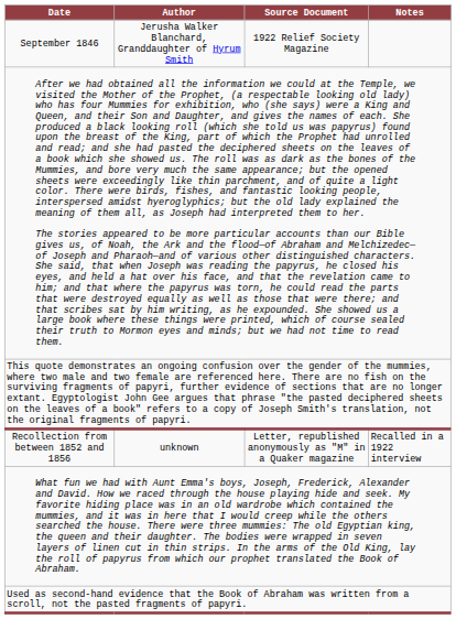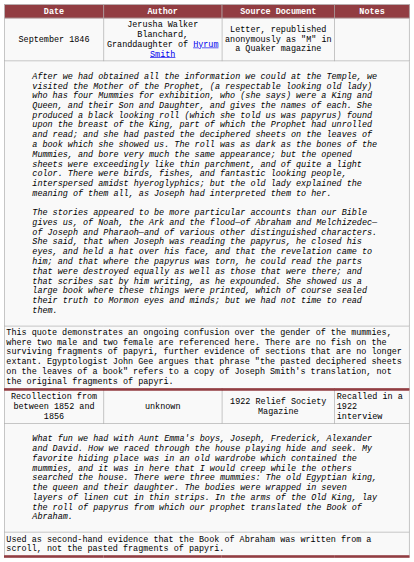 <table class="wikitable plainrowheaders" style="width:100%;">
 <tr>
 <th style="background: #923D42; color:white">Date</th>
 <th style="background: #923D42; color:white">Author</th>
 <th style="background: #923D42; color:white">Source Document</th>
 <th style="background: #923D42; color:white">Notes</th>
 </tr>
 <tr>
 <td align="center">September 1846</td>
 <td align="center">Jerusha Walker Blanchard, Granddaughter of <a href='#'>Hyrum Smith</a></td>
-<td align="center">1922 Relief Society Magazine</td>
+<td align="center">Letter, republished anonymously as "M" in a Quaker magazine</td>
 <td></td>
 </tr>
 <tr>
 <td colspan="4"><blockquote><em>After we had obtained all the information we could at the Temple, we visited the Mother of the Prophet, (a respectable looking old lady) who has four Mummies for exhibition, who (she says) were a King and Queen, and their Son and Daughter, and gives the names of each. She produced a black looking roll (which she told us was papyrus) found upon the breast of the King, part of which the Prophet had unrolled and read; and she had pasted the deciphered sheets on the leaves of a book which she showed us. The roll was as dark as the bones of the Mummies, and bore very much the same appearance; but the opened sheets were exceedingly like thin parchment, and of quite a light color. There were birds, fishes, and fantastic looking people, interspersed amidst hyeroglyphics; but the old lady explained the meaning of them all, as Joseph had interpreted them to her.</em><br><br> <em>The stories appeared to be more particular accounts than our Bible gives us, of Noah, the Ark and the flood—of Abraham and Melchizedec—of Joseph and Pharaoh—and of various other distinguished characters. She said, that when Joseph was reading the papyrus, he closed his eyes, and held a hat over his face, and that the revelation came to him; and that where the papyrus was torn, he could read the parts that were destroyed equally as well as those that were there; and that scribes sat by him writing, as he expounded. She showed us a large book where these things were printed, which of course sealed their truth to Mormon eyes and minds; but we had not time to read them.</em></blockquote></td>
 </tr>
 <tr style="border-bottom: 4px solid #923D42;">
 <td colspan="4">This quote demonstrates an ongoing confusion over the gender of the mummies, where two male and two female are referenced here.  There are no fish on the surviving fragments of papyri, further evidence of sections that are no longer extant.  Egyptologist John Gee argues that phrase "the pasted deciphered sheets on the leaves of a book" refers to a copy of Joseph Smith's translation, not the original fragments of papyri.</td>
 </tr>
 <tr>
 <td align="center">Recollection from between 1852 and 1856</td>
 <td align="center">unknown</td>
-<td align="center">Letter, republished anonymously as "M" in a Quaker magazine</td>
+<td align="center">1922 Relief Society Magazine</td>
 <td>Recalled in a 1922 interview</td>
 </tr>
 <tr>
 <td colspan="4"><blockquote><em>What fun we had with Aunt Emma's boys, Joseph, Frederick, Alexander and David.  How we raced through the house playing hide and seek. My favorite hiding place was in an old wardrobe which contained the mummies, and it was in here that I would creep while the others searched the house. There were three mummies: The old Egyptian king, the queen and their daughter.  The bodies were wrapped in seven layers of linen cut in thin strips.  In the arms of the Old King, lay the roll of papyrus from which our prophet translated the Book of Abraham.</em></blockquote></td>
 </tr>
 <tr style="border-bottom: 4px solid #923D42;">
 <td colspan="4">Used as second-hand evidence that the Book of Abraham was written from a scroll, not the pasted fragments of papyri.</td>
 </tr>
 </table>
